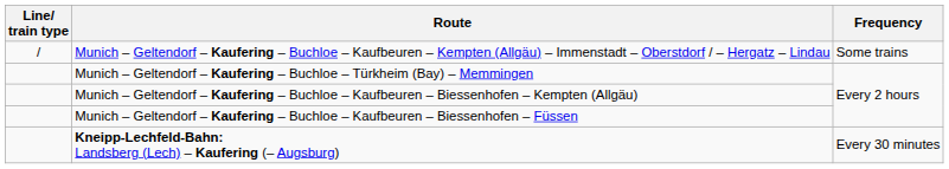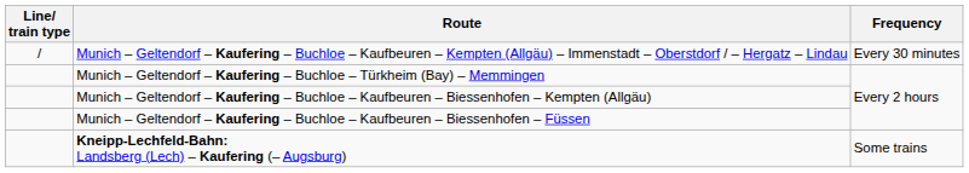 <table class="wikitable">
 <tr class="hintergrundfarbe6">
 <th>Line/<br>train type</th>
 <th>Route</th>
 <th>Frequency</th>
 </tr>
 <tr>
 <td align="center">/</td>
 <td><a href='#'>Munich</a> – <a href='#'>Geltendorf</a> – <strong>Kaufering</strong> – <a href='#'>Buchloe</a> – Kaufbeuren – <a href='#'>Kempten (Allgäu)</a> – Immenstadt – <a href='#'>Oberstdorf</a> / – <a href='#'>Hergatz</a> – <a href='#'>Lindau</a></td>
-<td>Some trains</td>
+<td>Every 30 minutes</td>
 </tr>
 <tr>
 <td align="center"></td>
 <td>Munich – Geltendorf – <strong>Kaufering</strong> – Buchloe – Türkheim (Bay) – <a href='#'>Memmingen</a></td>
 <td rowspan=3>Every 2 hours</td>
 </tr>
 <tr>
 <td align="center"></td>
 <td>Munich – Geltendorf – <strong>Kaufering</strong> – Buchloe – Kaufbeuren – Biessenhofen – Kempten (Allgäu)</td>
 </tr>
 <tr>
 <td align="center"></td>
 <td>Munich – Geltendorf – <strong>Kaufering</strong> – Buchloe – Kaufbeuren – Biessenhofen – <a href='#'>Füssen</a></td>
 </tr>
 <tr>
 <td align="center"></td>
 <td><strong>Kneipp-Lechfeld-Bahn:</strong><br> <a href='#'>Landsberg (Lech)</a> – <strong>Kaufering</strong> (– <a href='#'>Augsburg</a>)</td>
-<td>Every 30 minutes</td>
+<td>Some trains</td>
 </tr>
 </table>
